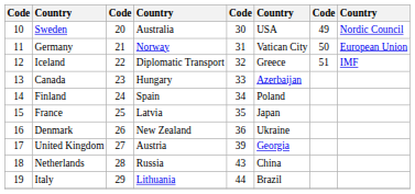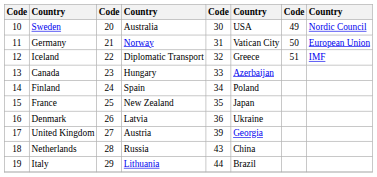 <table class="wikitable" style="background:#fff; font-size:91%;">
 <tr>
 <th>Code</th>
 <th style="text-align:left">Country</th>
 <th>Code</th>
 <th style="text-align:left">Country</th>
 <th>Code</th>
 <th style="text-align:left">Country</th>
 <th>Code</th>
 <th style="text-align:left">Country</th>
 </tr>
 <tr>
 <td style="text-align:center">10</td>
 <td><a href='#'>Sweden</a></td>
 <td style="text-align:center">20</td>
 <td>Australia</td>
 <td style="text-align:center">30</td>
 <td>USA</td>
 <td style="text-align:center">49</td>
 <td><a href='#'>Nordic Council</a></td>
 </tr>
 <tr>
 <td style="text-align:center">11</td>
 <td>Germany</td>
 <td style="text-align:center">21</td>
 <td><a href='#'>Norway</a></td>
 <td style="text-align:center">31</td>
 <td>Vatican City</td>
 <td style="text-align:center">50</td>
 <td><a href='#'>European Union</a></td>
 </tr>
 <tr>
 <td style="text-align:center">12</td>
 <td>Iceland</td>
 <td style="text-align:center">22</td>
 <td>Diplomatic Transport</td>
 <td style="text-align:center">32</td>
 <td>Greece</td>
 <td style="text-align:center">51</td>
 <td><a href='#'>IMF</a></td>
 </tr>
 <tr>
 <td style="text-align:center">13</td>
 <td>Canada</td>
 <td style="text-align:center">23</td>
 <td>Hungary</td>
 <td style="text-align:center">33</td>
 <td><a href='#'>Azerbaijan</a></td>
 <td style="text-align:center"></td>
 <td></td>
 </tr>
 <tr>
 <td style="text-align:center">14</td>
 <td>Finland</td>
 <td style="text-align:center">24</td>
 <td>Spain</td>
 <td style="text-align:center">34</td>
 <td>Poland</td>
 <td></td>
 <td></td>
 </tr>
 <tr>
 <td style="text-align:center">15</td>
 <td>France</td>
 <td style="text-align:center">25</td>
-<td>Latvia</td>
+<td>New Zealand</td>
 <td style="text-align:center">35</td>
 <td>Japan</td>
 <td></td>
 <td></td>
 </tr>
 <tr>
 <td style="text-align:center">16</td>
 <td>Denmark</td>
 <td style="text-align:center">26</td>
-<td>New Zealand</td>
+<td>Latvia</td>
 <td style="text-align:center">36</td>
 <td>Ukraine</td>
 <td></td>
 <td></td>
 </tr>
 <tr>
 <td style="text-align:center">17</td>
 <td>United Kingdom</td>
 <td style="text-align:center">27</td>
 <td>Austria</td>
 <td style="text-align:center">39</td>
 <td><a href='#'>Georgia</a></td>
 <td></td>
 <td></td>
 </tr>
 <tr>
 <td style="text-align:center">18</td>
 <td>Netherlands</td>
 <td style="text-align:center">28</td>
 <td>Russia</td>
 <td style="text-align:center">43</td>
 <td>China</td>
 <td></td>
 <td></td>
 </tr>
 <tr>
 <td style="text-align:center">19</td>
 <td>Italy</td>
 <td style="text-align:center">29</td>
 <td><a href='#'>Lithuania</a></td>
 <td style="text-align:center">44</td>
 <td>Brazil</td>
 <td></td>
 <td></td>
 </tr>
 <tr>
 </tr>
 </table>
